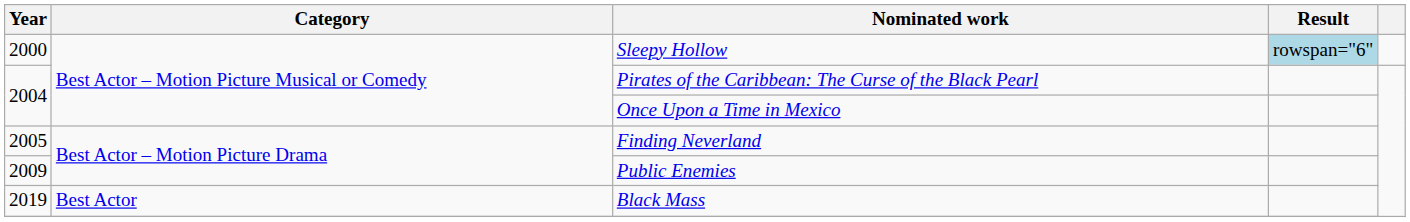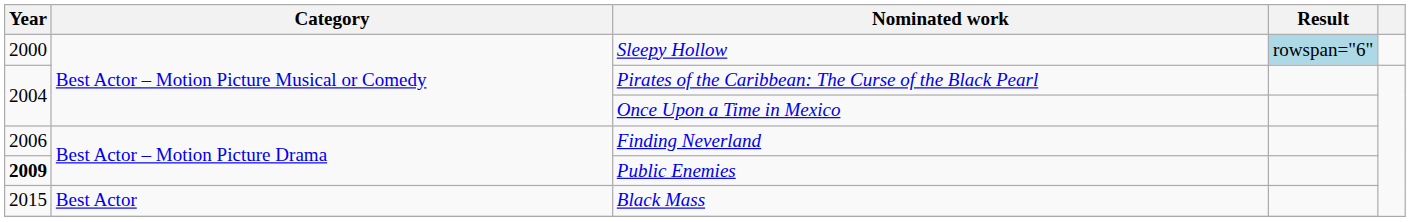 <table class="wikitable sortable">
 <tr>
 <th scope="col" style="width:1em;">Year</th>
 <th scope="col" style="width:29em;">Category</th>
 <th scope="col" style="width:34em;">Nominated work</th>
 <th scope="col" style="width:5em;">Result</th>
 <th scope="col" class="unsortable" style="width:1em;"></th>
 </tr>
 <tr>
 <td>2000</td>
 <td rowspan="3"><a href='#'>Best Actor – Motion Picture Musical or Comedy</a></td>
 <td><em><a href='#'>Sleepy Hollow</a></em></td>
 <td style="background: lightblue;">rowspan="6" </td>
 <td></td>
 </tr>
 <tr>
 <td rowspan="2">2004</td>
 <td><em><a href='#'>Pirates of the Caribbean: The Curse of the Black Pearl</a></em></td>
 <td></td>
 </tr>
 <tr>
 <td><em><a href='#'>Once Upon a Time in Mexico</a></em></td>
 <td></td>
 </tr>
 <tr>
-<td>2005</td>
+<td>2006</td>
 <td rowspan="2"><a href='#'>Best Actor – Motion Picture Drama</a></td>
 <td><em><a href='#'>Finding Neverland</a></em></td>
 <td></td>
 </tr>
 <tr>
-<td>2009</td>
+<td><strong>2009</strong></td>
 <td><em><a href='#'>Public Enemies</a></em></td>
 <td></td>
 </tr>
 <tr>
-<td>2019</td>
+<td>2015</td>
 <td><a href='#'>Best Actor</a></td>
 <td><em><a href='#'>Black Mass</a></em></td>
 <td></td>
 </tr>
 <tr>
 </tr>
 </table>
